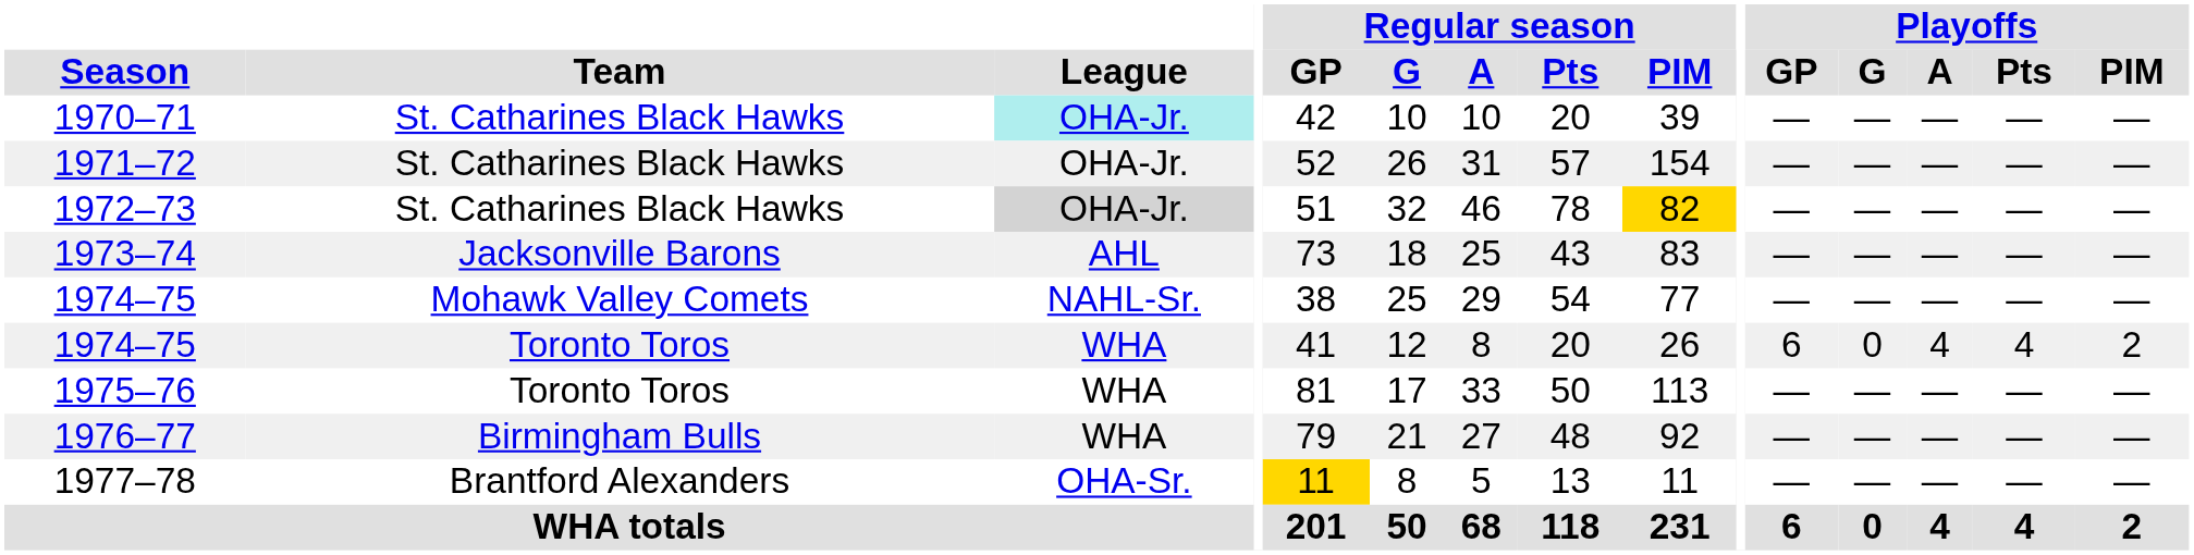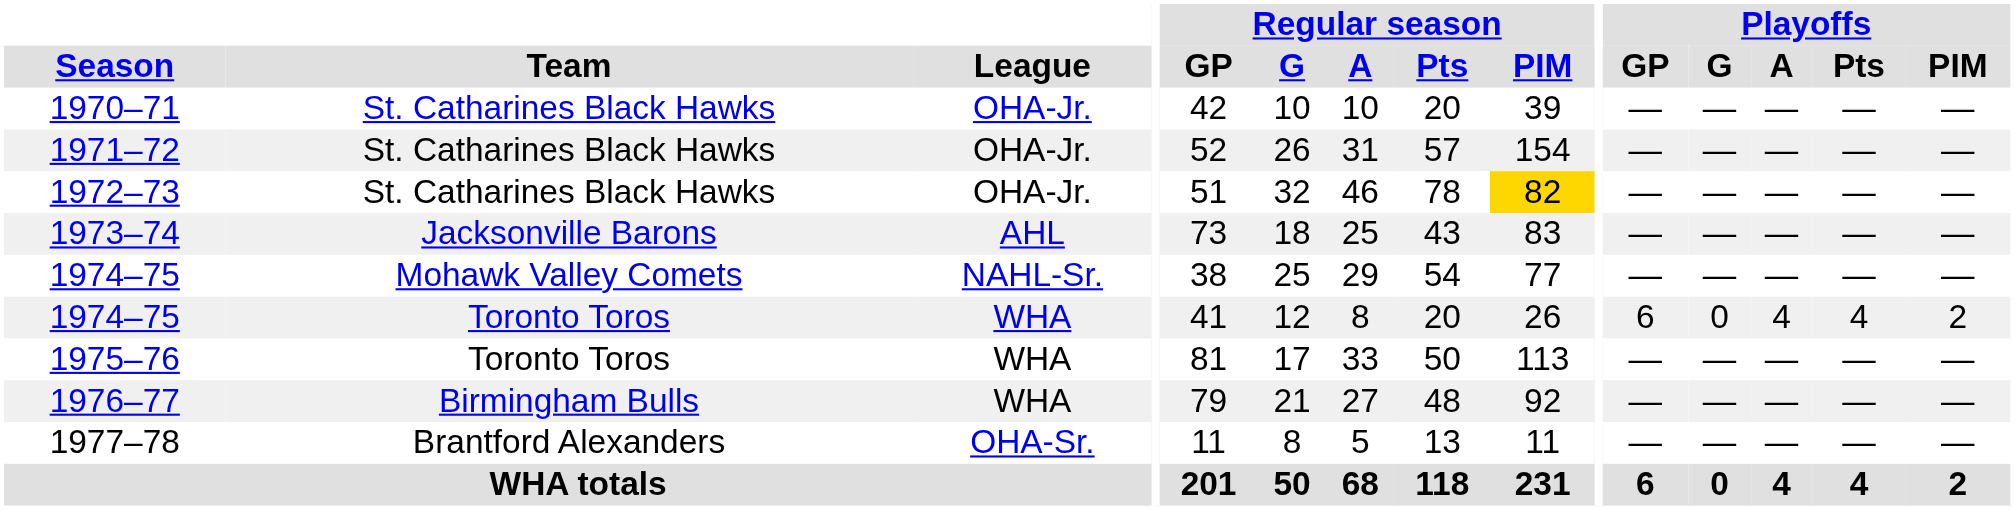 <table border="0" cellpadding="1" cellspacing="0" style="text-align:center; width:60em">
 <tr bgcolor="#e0e0e0">
 <th colspan="3" bgcolor="#ffffff"></th>
 <th rowspan="99" bgcolor="#ffffff"></th>
 <th colspan="5"><a href='#'>Regular season</a></th>
 <th rowspan="99" bgcolor="#ffffff"></th>
 <th colspan="5"><a href='#'>Playoffs</a></th>
 </tr>
 <tr bgcolor="#e0e0e0">
 <th><a href='#'>Season</a></th>
 <th>Team</th>
 <th>League</th>
 <th>GP</th>
 <th><a href='#'>G</a></th>
 <th><a href='#'>A</a></th>
 <th><a href='#'>Pts</a></th>
 <th><a href='#'>PIM</a></th>
 <th>GP</th>
 <th>G</th>
 <th>A</th>
 <th>Pts</th>
 <th>PIM</th>
 </tr>
 <tr>
 <td><a href='#'>1970–71</a></td>
 <td><a href='#'>St. Catharines Black Hawks</a></td>
-<td style="background: paleturquoise;"><a href='#'>OHA-Jr.</a></td>
+<td><a href='#'>OHA-Jr.</a></td>
 <td>42</td>
 <td>10</td>
 <td>10</td>
 <td>20</td>
 <td>39</td>
 <td>—</td>
 <td>—</td>
 <td>—</td>
 <td>—</td>
 <td>—</td>
 </tr>
 <tr bgcolor="#f0f0f0">
 <td><a href='#'>1971–72</a></td>
 <td>St. Catharines Black Hawks</td>
 <td>OHA-Jr.</td>
 <td>52</td>
 <td>26</td>
 <td>31</td>
 <td>57</td>
 <td>154</td>
 <td>—</td>
 <td>—</td>
 <td>—</td>
 <td>—</td>
 <td>—</td>
 </tr>
 <tr>
 <td><a href='#'>1972–73</a></td>
 <td>St. Catharines Black Hawks</td>
-<td style="background: lightgrey;">OHA-Jr.</td>
+<td>OHA-Jr.</td>
 <td>51</td>
 <td>32</td>
 <td>46</td>
 <td>78</td>
 <td style="background: gold;">82</td>
 <td>—</td>
 <td>—</td>
 <td>—</td>
 <td>—</td>
 <td>—</td>
 </tr>
 <tr bgcolor="#f0f0f0">
 <td><a href='#'>1973–74</a></td>
 <td><a href='#'>Jacksonville Barons</a></td>
 <td><a href='#'>AHL</a></td>
 <td>73</td>
 <td>18</td>
 <td>25</td>
 <td>43</td>
 <td>83</td>
 <td>—</td>
 <td>—</td>
 <td>—</td>
 <td>—</td>
 <td>—</td>
 </tr>
 <tr>
 <td><a href='#'>1974–75</a></td>
 <td><a href='#'>Mohawk Valley Comets</a></td>
 <td><a href='#'>NAHL-Sr.</a></td>
 <td>38</td>
 <td>25</td>
 <td>29</td>
 <td>54</td>
 <td>77</td>
 <td>—</td>
 <td>—</td>
 <td>—</td>
 <td>—</td>
 <td>—</td>
 </tr>
 <tr bgcolor="#f0f0f0">
 <td><a href='#'>1974–75</a></td>
 <td><a href='#'>Toronto Toros</a></td>
 <td><a href='#'>WHA</a></td>
 <td>41</td>
 <td>12</td>
 <td>8</td>
 <td>20</td>
 <td>26</td>
 <td>6</td>
 <td>0</td>
 <td>4</td>
 <td>4</td>
 <td>2</td>
 </tr>
 <tr>
 <td><a href='#'>1975–76</a></td>
 <td>Toronto Toros</td>
 <td>WHA</td>
 <td>81</td>
 <td>17</td>
 <td>33</td>
 <td>50</td>
 <td>113</td>
 <td>—</td>
 <td>—</td>
 <td>—</td>
 <td>—</td>
 <td>—</td>
 </tr>
 <tr bgcolor="#f0f0f0">
 <td><a href='#'>1976–77</a></td>
 <td><a href='#'>Birmingham Bulls</a></td>
 <td>WHA</td>
 <td>79</td>
 <td>21</td>
 <td>27</td>
 <td>48</td>
 <td>92</td>
 <td>—</td>
 <td>—</td>
 <td>—</td>
 <td>—</td>
 <td>—</td>
 </tr>
 <tr>
 <td>1977–78</td>
 <td>Brantford Alexanders</td>
 <td><a href='#'>OHA-Sr.</a></td>
-<td style="background: gold;">11</td>
+<td>11</td>
 <td>8</td>
 <td>5</td>
 <td>13</td>
 <td>11</td>
 <td>—</td>
 <td>—</td>
 <td>—</td>
 <td>—</td>
 <td>—</td>
 </tr>
 <tr>
 </tr>
 <tr ALIGN="center" bgcolor="#e0e0e0">
 <th colspan="3">WHA totals</th>
 <th ALIGN="center">201</th>
 <th ALIGN="center">50</th>
 <th ALIGN="center">68</th>
 <th ALIGN="center">118</th>
 <th ALIGN="center">231</th>
 <th ALIGN="center">6</th>
 <th ALIGN="center">0</th>
 <th ALIGN="center">4</th>
 <th ALIGN="center">4</th>
 <th ALIGN="center">2</th>
 </tr>
 </table>
